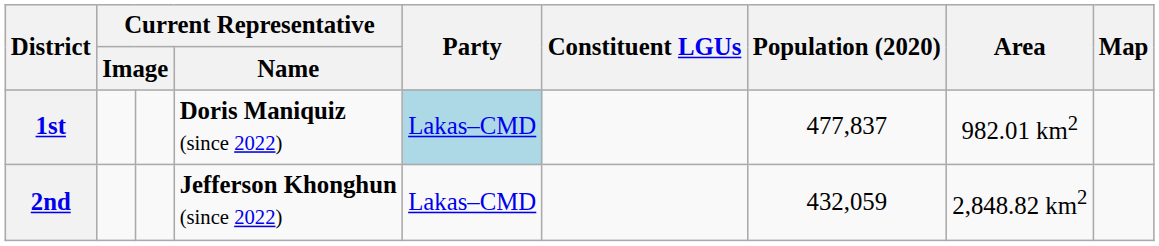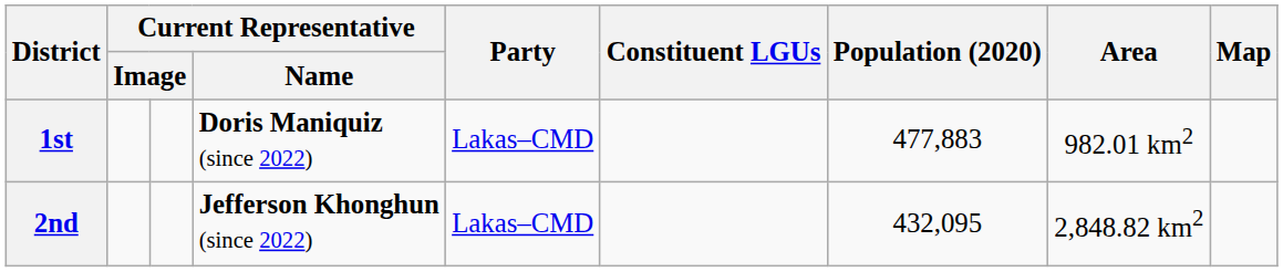 <table class="wikitable sortable" style="margin: 1em auto; font-size:100%; line-height:20px; text-align:center">
 <tr>
 <th rowspan="2">District</th>
 <th colspan="3">Current Representative</th>
 <th rowspan="2">Party</th>
 <th rowspan="2">Constituent <a href='#'>LGUs</a></th>
 <th rowspan="2">Population (2020)</th>
 <th rowspan="2">Area</th>
 <th rowspan="2">Map</th>
 </tr>
 <tr>
 <th colspan="2">Image</th>
 <th>Name</th>
 </tr>
 <tr>
 <th><a href='#'>1st</a></th>
 <td style="background:"></td>
 <td></td>
 <td style="text-align:left;"><strong>Doris Maniquiz</strong><br><small>(since <a href='#'>2022</a>)</small></td>
-<td style="background: lightblue;"><a href='#'>Lakas–CMD</a></td>
+<td><a href='#'>Lakas–CMD</a></td>
 <td></td>
-<td>477,837</td>
+<td>477,883</td>
 <td>982.01 km<sup>2</sup></td>
 <td></td>
 </tr>
 <tr>
 <th><a href='#'>2nd</a></th>
 <td style="background:"></td>
 <td></td>
 <td style="text-align:left;"><strong>Jefferson Khonghun</strong><br><small>(since <a href='#'>2022</a>)</small></td>
 <td><a href='#'>Lakas–CMD</a></td>
 <td></td>
-<td>432,059</td>
+<td>432,095</td>
 <td>2,848.82 km<sup>2</sup></td>
 <td></td>
 </tr>
 </table>
